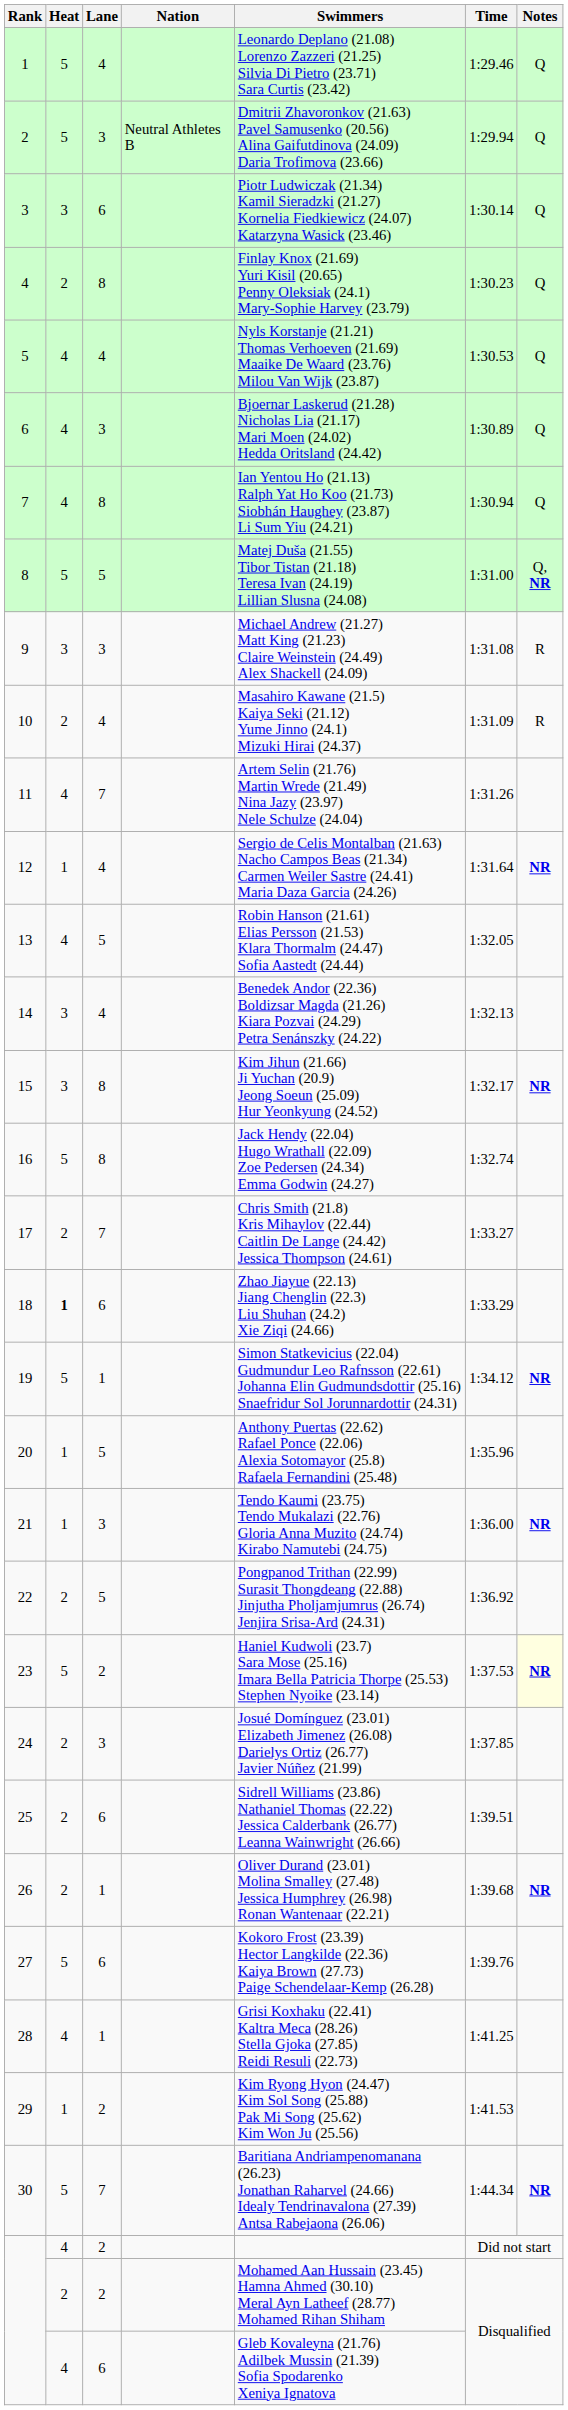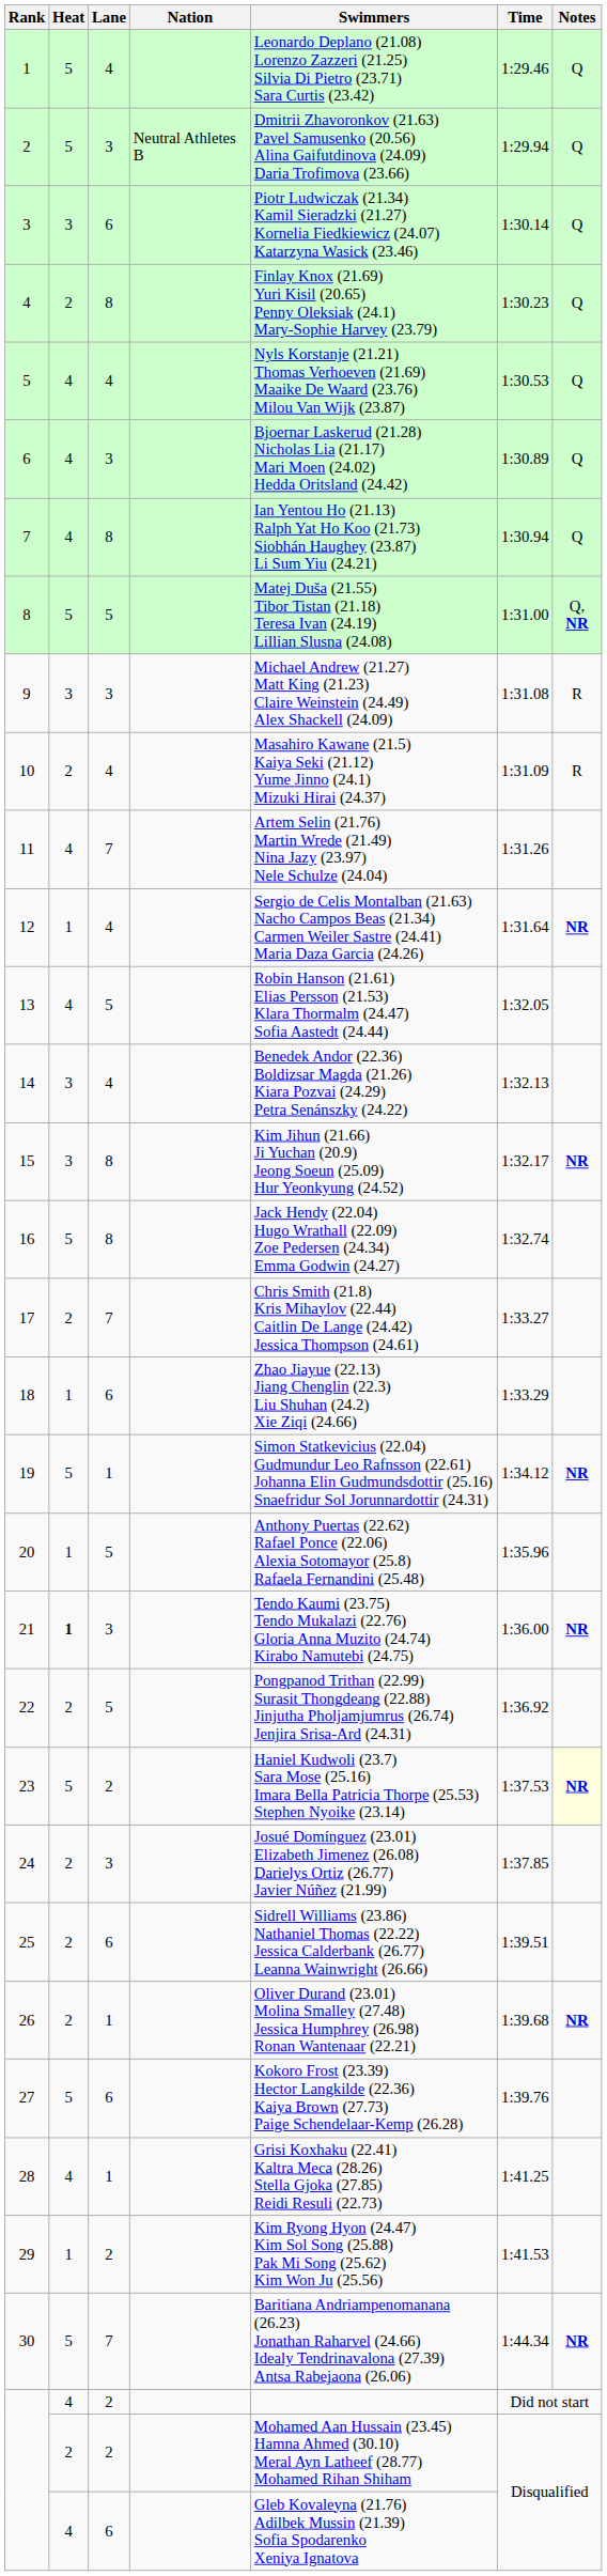 <table class="wikitable sortable" style="text-align:center">
 <tr>
 <th>Rank</th>
 <th>Heat</th>
 <th>Lane</th>
 <th>Nation</th>
 <th>Swimmers</th>
 <th>Time</th>
 <th>Notes</th>
 </tr>
 <tr bgcolor=ccffcc>
 <td>1</td>
 <td>5</td>
 <td>4</td>
 <td align="left"></td>
 <td align="left"><a href='#'>Leonardo Deplano</a> (21.08)<br><a href='#'>Lorenzo Zazzeri</a> (21.25)<br><a href='#'>Silvia Di Pietro</a> (23.71)<br><a href='#'>Sara Curtis</a> (23.42)</td>
 <td>1:29.46</td>
 <td>Q</td>
 </tr>
 <tr bgcolor=ccffcc>
 <td>2</td>
 <td>5</td>
 <td>3</td>
 <td align="left"> Neutral Athletes B</td>
 <td align="left"><a href='#'>Dmitrii Zhavoronkov</a> (21.63)<br><a href='#'>Pavel Samusenko</a> (20.56)<br><a href='#'>Alina Gaifutdinova</a> (24.09)<br><a href='#'>Daria Trofimova</a> (23.66)</td>
 <td>1:29.94</td>
 <td>Q</td>
 </tr>
 <tr bgcolor=ccffcc>
 <td>3</td>
 <td>3</td>
 <td>6</td>
 <td align="left"></td>
 <td align="left"><a href='#'>Piotr Ludwiczak</a> (21.34)<br><a href='#'>Kamil Sieradzki</a> (21.27)<br><a href='#'>Kornelia Fiedkiewicz</a> (24.07)<br><a href='#'>Katarzyna Wasick</a> (23.46)</td>
 <td>1:30.14</td>
 <td>Q</td>
 </tr>
 <tr bgcolor=ccffcc>
 <td>4</td>
 <td>2</td>
 <td>8</td>
 <td align="left"></td>
 <td align="left"><a href='#'>Finlay Knox</a> (21.69)<br><a href='#'>Yuri Kisil</a> (20.65)<br><a href='#'>Penny Oleksiak</a> (24.1)<br><a href='#'>Mary-Sophie Harvey</a> (23.79)</td>
 <td>1:30.23</td>
 <td>Q</td>
 </tr>
 <tr bgcolor=ccffcc>
 <td>5</td>
 <td>4</td>
 <td>4</td>
 <td align="left"></td>
 <td align="left"><a href='#'>Nyls Korstanje</a> (21.21)<br><a href='#'>Thomas Verhoeven</a> (21.69)<br><a href='#'>Maaike De Waard</a> (23.76)<br><a href='#'>Milou Van Wijk</a> (23.87)</td>
 <td>1:30.53</td>
 <td>Q</td>
 </tr>
 <tr bgcolor=ccffcc>
 <td>6</td>
 <td>4</td>
 <td>3</td>
 <td align="left"></td>
 <td align="left"><a href='#'>Bjoernar Laskerud</a> (21.28)<br><a href='#'>Nicholas Lia</a> (21.17)<br><a href='#'>Mari Moen</a> (24.02)<br><a href='#'>Hedda Oritsland</a> (24.42)</td>
 <td>1:30.89</td>
 <td>Q</td>
 </tr>
 <tr bgcolor=ccffcc>
 <td>7</td>
 <td>4</td>
 <td>8</td>
 <td align="left"></td>
 <td align="left"><a href='#'>Ian Yentou Ho</a> (21.13)<br><a href='#'>Ralph Yat Ho Koo</a> (21.73)<br><a href='#'>Siobhán Haughey</a> (23.87)<br><a href='#'>Li Sum Yiu</a> (24.21)</td>
 <td>1:30.94</td>
 <td>Q</td>
 </tr>
 <tr bgcolor=ccffcc>
 <td>8</td>
 <td>5</td>
 <td>5</td>
 <td align="left"></td>
 <td align="left"><a href='#'>Matej Duša</a> (21.55)<br><a href='#'>Tibor Tistan</a> (21.18)<br><a href='#'>Teresa Ivan</a> (24.19)<br><a href='#'>Lillian Slusna</a> (24.08)</td>
 <td>1:31.00</td>
 <td>Q, <strong><a href='#'>NR</a></strong></td>
 </tr>
 <tr>
 <td>9</td>
 <td>3</td>
 <td>3</td>
 <td align="left"></td>
 <td align="left"><a href='#'>Michael Andrew</a> (21.27)<br><a href='#'>Matt King</a> (21.23)<br><a href='#'>Claire Weinstein</a> (24.49)<br><a href='#'>Alex Shackell</a> (24.09)</td>
 <td>1:31.08</td>
 <td>R</td>
 </tr>
 <tr>
 <td>10</td>
 <td>2</td>
 <td>4</td>
 <td align="left"></td>
 <td align="left"><a href='#'>Masahiro Kawane</a> (21.5)<br><a href='#'>Kaiya Seki</a> (21.12)<br><a href='#'>Yume Jinno</a> (24.1)<br><a href='#'>Mizuki Hirai</a> (24.37)</td>
 <td>1:31.09</td>
 <td>R</td>
 </tr>
 <tr>
 <td>11</td>
 <td>4</td>
 <td>7</td>
 <td align="left"></td>
 <td align="left"><a href='#'>Artem Selin</a> (21.76)<br><a href='#'>Martin Wrede</a> (21.49)<br><a href='#'>Nina Jazy</a> (23.97)<br><a href='#'>Nele Schulze</a> (24.04)</td>
 <td>1:31.26</td>
 <td></td>
 </tr>
 <tr>
 <td>12</td>
 <td>1</td>
 <td>4</td>
 <td align="left"></td>
 <td align="left"><a href='#'>Sergio de Celis Montalban</a> (21.63)<br><a href='#'>Nacho Campos Beas</a> (21.34)<br><a href='#'>Carmen Weiler Sastre</a> (24.41)<br><a href='#'>Maria Daza Garcia</a> (24.26)</td>
 <td>1:31.64</td>
 <td><strong><a href='#'>NR</a></strong></td>
 </tr>
 <tr>
 <td>13</td>
 <td>4</td>
 <td>5</td>
 <td align="left"></td>
 <td align="left"><a href='#'>Robin Hanson</a> (21.61)<br><a href='#'>Elias Persson</a> (21.53)<br><a href='#'>Klara Thormalm</a> (24.47)<br><a href='#'>Sofia Aastedt</a> (24.44)</td>
 <td>1:32.05</td>
 <td></td>
 </tr>
 <tr>
 <td>14</td>
 <td>3</td>
 <td>4</td>
 <td align="left"></td>
 <td align="left"><a href='#'>Benedek Andor</a> (22.36)<br><a href='#'>Boldizsar Magda</a> (21.26)<br><a href='#'>Kiara Pozvai</a> (24.29)<br><a href='#'>Petra Senánszky</a> (24.22)</td>
 <td>1:32.13</td>
 <td></td>
 </tr>
 <tr>
 <td>15</td>
 <td>3</td>
 <td>8</td>
 <td align="left"></td>
 <td align="left"><a href='#'>Kim Jihun</a> (21.66)<br><a href='#'>Ji Yuchan</a> (20.9)<br><a href='#'>Jeong Soeun</a> (25.09)<br><a href='#'>Hur Yeonkyung</a> (24.52)</td>
 <td>1:32.17</td>
 <td><strong><a href='#'>NR</a></strong></td>
 </tr>
 <tr>
 <td>16</td>
 <td>5</td>
 <td>8</td>
 <td align="left"></td>
 <td align="left"><a href='#'>Jack Hendy</a> (22.04)<br><a href='#'>Hugo Wrathall</a> (22.09)<br><a href='#'>Zoe Pedersen</a> (24.34)<br><a href='#'>Emma Godwin</a> (24.27)</td>
 <td>1:32.74</td>
 <td></td>
 </tr>
 <tr>
 <td>17</td>
 <td>2</td>
 <td>7</td>
 <td align="left"></td>
 <td align="left"><a href='#'>Chris Smith</a> (21.8)<br><a href='#'>Kris Mihaylov</a> (22.44)<br><a href='#'>Caitlin De Lange</a> (24.42)<br><a href='#'>Jessica Thompson</a> (24.61)</td>
 <td>1:33.27</td>
 <td></td>
 </tr>
 <tr>
 <td>18</td>
-<td><strong>1</strong></td>
+<td>1</td>
 <td>6</td>
 <td align="left"></td>
 <td align="left"><a href='#'>Zhao Jiayue</a> (22.13)<br><a href='#'>Jiang Chenglin</a> (22.3)<br><a href='#'>Liu Shuhan</a> (24.2)<br><a href='#'>Xie Ziqi</a> (24.66)</td>
 <td>1:33.29</td>
 <td></td>
 </tr>
 <tr>
 <td>19</td>
 <td>5</td>
 <td>1</td>
 <td align="left"></td>
 <td align="left"><a href='#'>Simon Statkevicius</a> (22.04)<br><a href='#'>Gudmundur Leo Rafnsson</a> (22.61)<br><a href='#'>Johanna Elin Gudmundsdottir</a> (25.16)<br><a href='#'>Snaefridur Sol Jorunnardottir</a> (24.31)</td>
 <td>1:34.12</td>
 <td><strong><a href='#'>NR</a></strong></td>
 </tr>
 <tr>
 <td>20</td>
 <td>1</td>
 <td>5</td>
 <td align="left"></td>
 <td align="left"><a href='#'>Anthony Puertas</a> (22.62)<br><a href='#'>Rafael Ponce</a> (22.06)<br><a href='#'>Alexia Sotomayor</a> (25.8)<br><a href='#'>Rafaela Fernandini</a> (25.48)</td>
 <td>1:35.96</td>
 <td></td>
 </tr>
 <tr>
 <td>21</td>
-<td>1</td>
+<td><strong>1</strong></td>
 <td>3</td>
 <td align="left"></td>
 <td align="left"><a href='#'>Tendo Kaumi</a> (23.75)<br><a href='#'>Tendo Mukalazi</a> (22.76)<br><a href='#'>Gloria Anna Muzito</a> (24.74)<br><a href='#'>Kirabo Namutebi</a> (24.75)</td>
 <td>1:36.00</td>
 <td><strong><a href='#'>NR</a></strong></td>
 </tr>
 <tr>
 <td>22</td>
 <td>2</td>
 <td>5</td>
 <td align="left"></td>
 <td align="left"><a href='#'>Pongpanod Trithan</a> (22.99)<br><a href='#'>Surasit Thongdeang</a> (22.88)<br><a href='#'>Jinjutha Pholjamjumrus</a> (26.74)<br><a href='#'>Jenjira Srisa-Ard</a> (24.31)</td>
 <td>1:36.92</td>
 <td></td>
 </tr>
 <tr>
 <td>23</td>
 <td>5</td>
 <td>2</td>
 <td align="left"></td>
 <td align="left"><a href='#'>Haniel Kudwoli</a> (23.7)<br><a href='#'>Sara Mose</a> (25.16)<br><a href='#'>Imara Bella Patricia Thorpe</a> (25.53)<br><a href='#'>Stephen Nyoike</a> (23.14)</td>
 <td>1:37.53</td>
 <td style="background: lightyellow;"><strong><a href='#'>NR</a></strong></td>
 </tr>
 <tr>
 <td>24</td>
 <td>2</td>
 <td>3</td>
 <td align="left"></td>
 <td align="left"><a href='#'>Josué Domínguez</a> (23.01)<br><a href='#'>Elizabeth Jimenez</a> (26.08)<br><a href='#'>Darielys Ortiz</a> (26.77)<br><a href='#'>Javier Núñez</a> (21.99)</td>
 <td>1:37.85</td>
 <td></td>
 </tr>
 <tr>
 <td>25</td>
 <td>2</td>
 <td>6</td>
 <td align="left"></td>
 <td align="left"><a href='#'>Sidrell Williams</a> (23.86)<br><a href='#'>Nathaniel Thomas</a> (22.22)<br><a href='#'>Jessica Calderbank</a> (26.77)<br><a href='#'>Leanna Wainwright</a> (26.66)</td>
 <td>1:39.51</td>
 <td></td>
 </tr>
 <tr>
 <td>26</td>
 <td>2</td>
 <td>1</td>
 <td align="left"></td>
 <td align="left"><a href='#'>Oliver Durand</a> (23.01)<br><a href='#'>Molina Smalley</a> (27.48)<br><a href='#'>Jessica Humphrey</a> (26.98)<br><a href='#'>Ronan Wantenaar</a> (22.21)</td>
 <td>1:39.68</td>
 <td><strong><a href='#'>NR</a></strong></td>
 </tr>
 <tr>
 <td>27</td>
 <td>5</td>
 <td>6</td>
 <td align="left"></td>
 <td align="left"><a href='#'>Kokoro Frost</a> (23.39)<br><a href='#'>Hector Langkilde</a> (22.36)<br><a href='#'>Kaiya Brown</a> (27.73)<br><a href='#'>Paige Schendelaar-Kemp</a> (26.28)</td>
 <td>1:39.76</td>
 <td></td>
 </tr>
 <tr>
 <td>28</td>
 <td>4</td>
 <td>1</td>
 <td align="left"></td>
 <td align="left"><a href='#'>Grisi Koxhaku</a> (22.41)<br><a href='#'>Kaltra Meca</a> (28.26)<br><a href='#'>Stella Gjoka</a> (27.85)<br><a href='#'>Reidi Resuli</a> (22.73)</td>
 <td>1:41.25</td>
 <td></td>
 </tr>
 <tr>
 <td>29</td>
 <td>1</td>
 <td>2</td>
 <td align="left"></td>
 <td align="left"><a href='#'>Kim Ryong Hyon</a> (24.47)<br><a href='#'>Kim Sol Song</a> (25.88)<br><a href='#'>Pak Mi Song</a> (25.62)<br><a href='#'>Kim Won Ju</a> (25.56)</td>
 <td>1:41.53</td>
 <td></td>
 </tr>
 <tr>
 <td>30</td>
 <td>5</td>
 <td>7</td>
 <td align="left"></td>
 <td align="left"><a href='#'>Baritiana Andriampenomanana</a> (26.23)<br><a href='#'>Jonathan Raharvel</a> (24.66)<br><a href='#'>Idealy Tendrinavalona</a> (27.39)<br><a href='#'>Antsa Rabejaona</a> (26.06)</td>
 <td>1:44.34</td>
 <td><strong><a href='#'>NR</a></strong></td>
 </tr>
 <tr>
 <td rowspan="3"></td>
 <td>4</td>
 <td>2</td>
 <td align="left"></td>
 <td align="left"></td>
 <td colspan="2">Did not start</td>
 </tr>
 <tr>
 <td>2</td>
 <td>2</td>
 <td align="left"></td>
 <td align="left"><a href='#'>Mohamed Aan Hussain</a> (23.45)<br><a href='#'>Hamna Ahmed</a> (30.10)<br><a href='#'>Meral Ayn Latheef</a> (28.77)<br><a href='#'>Mohamed Rihan Shiham</a></td>
 <td colspan="2" rowspan="2">Disqualified</td>
 </tr>
 <tr>
 <td>4</td>
 <td>6</td>
 <td align="left"></td>
 <td align="left"><a href='#'>Gleb Kovaleyna</a> (21.76)<br><a href='#'>Adilbek Mussin</a> (21.39)<br><a href='#'>Sofia Spodarenko</a> <br><a href='#'>Xeniya Ignatova</a></td>
 </tr>
 </table>
